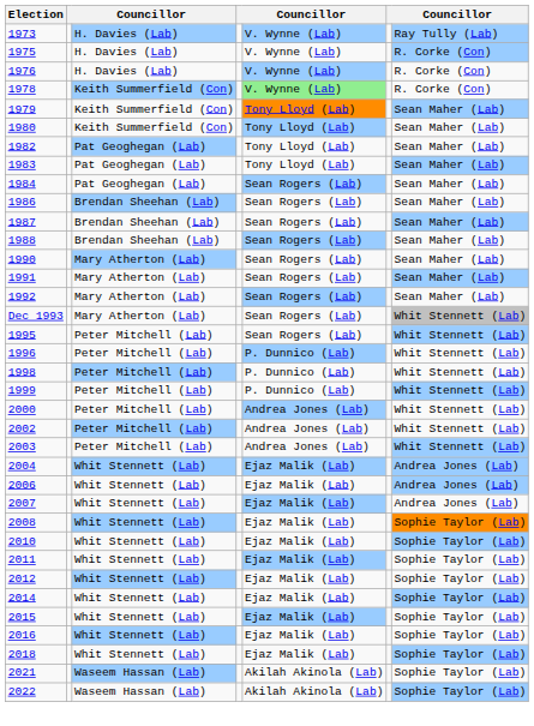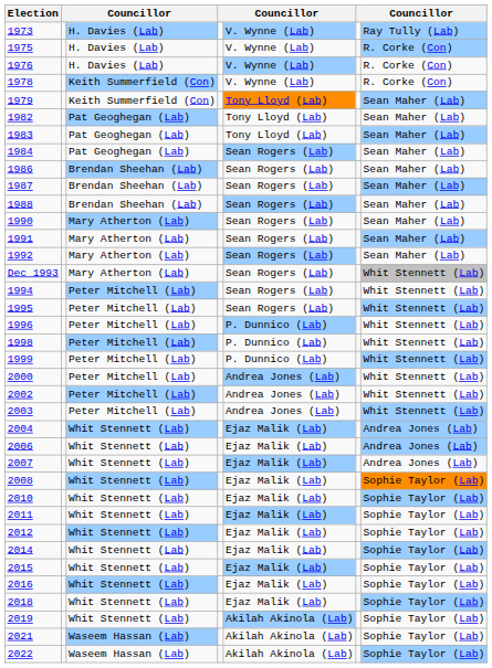 <table class="wikitable">
 <tr>
 <th>Election</th>
 <th colspan="2">Councillor</th>
 <th colspan="2">Councillor</th>
 <th colspan="2">Councillor</th>
 </tr>
 <tr>
 <td><a href='#'>1973</a></td>
 <td style="background-color: "></td>
 <td bgcolor="#99CCFF">H. Davies (<a href='#'>Lab</a>)</td>
 <td style="background-color: "></td>
 <td bgcolor="#99CCFF">V. Wynne (<a href='#'>Lab</a>)</td>
 <td style="background-color: "></td>
 <td bgcolor="#99CCFF">Ray Tully (<a href='#'>Lab</a>)</td>
 </tr>
 <tr>
 <td><a href='#'>1975</a></td>
 <td style="background-color: "></td>
 <td>H. Davies (<a href='#'>Lab</a>)</td>
 <td style="background-color: "></td>
 <td>V. Wynne (<a href='#'>Lab</a>)</td>
 <td style="background-color: "></td>
 <td bgcolor="#99CCFF">R. Corke (<a href='#'>Con</a>)</td>
 </tr>
 <tr>
 <td><a href='#'>1976</a></td>
 <td style="background-color: "></td>
 <td>H. Davies (<a href='#'>Lab</a>)</td>
 <td style="background-color: "></td>
 <td bgcolor="#99CCFF">V. Wynne (<a href='#'>Lab</a>)</td>
 <td style="background-color: "></td>
 <td>R. Corke (<a href='#'>Con</a>)</td>
 </tr>
 <tr>
 <td><a href='#'>1978</a></td>
 <td style="background-color: "></td>
 <td bgcolor="#99CCFF">Keith Summerfield (<a href='#'>Con</a>)</td>
 <td style="background-color: "></td>
-<td style="background: lightgreen;">V. Wynne (<a href='#'>Lab</a>)</td>
+<td>V. Wynne (<a href='#'>Lab</a>)</td>
 <td style="background-color: "></td>
 <td>R. Corke (<a href='#'>Con</a>)</td>
 </tr>
 <tr>
 <td><a href='#'>1979</a></td>
 <td style="background-color: "></td>
 <td>Keith Summerfield (<a href='#'>Con</a>)</td>
 <td style="background-color: "></td>
 <td bgcolor="#FF8C00"><a href='#'>Tony Lloyd</a> (<a href='#'>Lab</a>)</td>
 <td style="background-color: "></td>
 <td bgcolor="#99CCFF">Sean Maher (<a href='#'>Lab</a>)</td>
-</tr>
-<tr>
-<td><a href='#'>1980</a></td>
-<td style="background-color: "></td>
-<td>Keith Summerfield (<a href='#'>Con</a>)</td>
-<td style="background-color: "></td>
-<td bgcolor="#99CCFF">Tony Lloyd (<a href='#'>Lab</a>)</td>
-<td style="background-color: "></td>
-<td>Sean Maher (<a href='#'>Lab</a>)</td>
 </tr>
 <tr>
 <td><a href='#'>1982</a></td>
 <td style="background-color: "></td>
 <td bgcolor="#99CCFF">Pat Geoghegan (<a href='#'>Lab</a>)</td>
 <td style="background-color: "></td>
 <td>Tony Lloyd (<a href='#'>Lab</a>)</td>
 <td style="background-color: "></td>
 <td>Sean Maher (<a href='#'>Lab</a>)</td>
 </tr>
 <tr>
 <td><a href='#'>1983</a></td>
 <td style="background-color: "></td>
 <td>Pat Geoghegan (<a href='#'>Lab</a>)</td>
 <td style="background-color: "></td>
 <td>Tony Lloyd (<a href='#'>Lab</a>)</td>
 <td style="background-color: "></td>
 <td bgcolor="#99CCFF">Sean Maher (<a href='#'>Lab</a>)</td>
 </tr>
 <tr>
 <td><a href='#'>1984</a></td>
 <td style="background-color: "></td>
 <td>Pat Geoghegan (<a href='#'>Lab</a>)</td>
 <td style="background-color: "></td>
 <td bgcolor="#99CCFF">Sean Rogers (<a href='#'>Lab</a>)</td>
 <td style="background-color: "></td>
 <td>Sean Maher (<a href='#'>Lab</a>)</td>
 </tr>
 <tr>
 <td><a href='#'>1986</a></td>
 <td style="background-color: "></td>
 <td bgcolor="#99CCFF">Brendan Sheehan (<a href='#'>Lab</a>)</td>
 <td style="background-color: "></td>
 <td>Sean Rogers (<a href='#'>Lab</a>)</td>
 <td style="background-color: "></td>
 <td>Sean Maher (<a href='#'>Lab</a>)</td>
 </tr>
 <tr>
 <td><a href='#'>1987</a></td>
 <td style="background-color: "></td>
 <td>Brendan Sheehan (<a href='#'>Lab</a>)</td>
 <td style="background-color: "></td>
 <td>Sean Rogers (<a href='#'>Lab</a>)</td>
 <td style="background-color: "></td>
 <td bgcolor="#99CCFF">Sean Maher (<a href='#'>Lab</a>)</td>
 </tr>
 <tr>
 <td><a href='#'>1988</a></td>
 <td style="background-color: "></td>
 <td>Brendan Sheehan (<a href='#'>Lab</a>)</td>
 <td style="background-color: "></td>
 <td bgcolor="#99CCFF">Sean Rogers (<a href='#'>Lab</a>)</td>
 <td style="background-color: "></td>
 <td>Sean Maher (<a href='#'>Lab</a>)</td>
 </tr>
 <tr>
 <td><a href='#'>1990</a></td>
 <td style="background-color: "></td>
 <td bgcolor="#99CCFF">Mary Atherton (<a href='#'>Lab</a>)</td>
 <td style="background-color: "></td>
 <td>Sean Rogers (<a href='#'>Lab</a>)</td>
 <td style="background-color: "></td>
 <td>Sean Maher (<a href='#'>Lab</a>)</td>
 </tr>
 <tr>
 <td><a href='#'>1991</a></td>
 <td style="background-color: "></td>
 <td>Mary Atherton (<a href='#'>Lab</a>)</td>
 <td style="background-color: "></td>
 <td>Sean Rogers (<a href='#'>Lab</a>)</td>
 <td style="background-color: "></td>
 <td bgcolor="#99CCFF">Sean Maher (<a href='#'>Lab</a>)</td>
 </tr>
 <tr>
 <td><a href='#'>1992</a></td>
 <td style="background-color: "></td>
 <td>Mary Atherton (<a href='#'>Lab</a>)</td>
 <td style="background-color: "></td>
 <td bgcolor="#99CCFF">Sean Rogers (<a href='#'>Lab</a>)</td>
 <td style="background-color: "></td>
 <td>Sean Maher (<a href='#'>Lab</a>)</td>
 </tr>
 <tr>
 <td><a href='#'>Dec 1993</a></td>
 <td style="background-color: "></td>
 <td>Mary Atherton (<a href='#'>Lab</a>)</td>
 <td style="background-color: "></td>
 <td>Sean Rogers (<a href='#'>Lab</a>)</td>
 <td style="background-color: "></td>
 <td bgcolor="#C0C0C0">Whit Stennett (<a href='#'>Lab</a>)</td>
+</tr>
+<tr>
+<td><a href='#'>1994</a></td>
+<td style="background-color: "></td>
+<td bgcolor="#99CCFF">Peter Mitchell (<a href='#'>Lab</a>)</td>
+<td style="background-color: "></td>
+<td>Sean Rogers (<a href='#'>Lab</a>)</td>
+<td style="background-color: "></td>
+<td>Whit Stennett (<a href='#'>Lab</a>)</td>
 </tr>
 <tr>
 <td><a href='#'>1995</a></td>
 <td style="background-color: "></td>
 <td>Peter Mitchell (<a href='#'>Lab</a>)</td>
 <td style="background-color: "></td>
 <td>Sean Rogers (<a href='#'>Lab</a>)</td>
 <td style="background-color: "></td>
 <td bgcolor="#99CCFF">Whit Stennett (<a href='#'>Lab</a>)</td>
 </tr>
 <tr>
 <td><a href='#'>1996</a></td>
 <td style="background-color: "></td>
 <td>Peter Mitchell (<a href='#'>Lab</a>)</td>
 <td style="background-color: "></td>
 <td bgcolor="#99CCFF">P. Dunnico (<a href='#'>Lab</a>)</td>
 <td style="background-color: "></td>
 <td>Whit Stennett (<a href='#'>Lab</a>)</td>
 </tr>
 <tr>
 <td><a href='#'>1998</a></td>
 <td style="background-color: "></td>
 <td bgcolor="#99CCFF">Peter Mitchell (<a href='#'>Lab</a>)</td>
 <td style="background-color: "></td>
 <td>P. Dunnico (<a href='#'>Lab</a>)</td>
 <td style="background-color: "></td>
 <td>Whit Stennett (<a href='#'>Lab</a>)</td>
 </tr>
 <tr>
 <td><a href='#'>1999</a></td>
 <td style="background-color: "></td>
 <td>Peter Mitchell (<a href='#'>Lab</a>)</td>
 <td style="background-color: "></td>
 <td>P. Dunnico (<a href='#'>Lab</a>)</td>
 <td style="background-color: "></td>
 <td bgcolor="#99CCFF">Whit Stennett (<a href='#'>Lab</a>)</td>
 </tr>
 <tr>
 <td><a href='#'>2000</a></td>
 <td style="background-color: "></td>
 <td>Peter Mitchell (<a href='#'>Lab</a>)</td>
 <td style="background-color: "></td>
 <td bgcolor="#99CCFF">Andrea Jones (<a href='#'>Lab</a>)</td>
 <td style="background-color: "></td>
 <td>Whit Stennett (<a href='#'>Lab</a>)</td>
 </tr>
 <tr>
 <td><a href='#'>2002</a></td>
 <td style="background-color: "></td>
 <td bgcolor="#99CCFF">Peter Mitchell (<a href='#'>Lab</a>)</td>
 <td style="background-color: "></td>
 <td>Andrea Jones (<a href='#'>Lab</a>)</td>
 <td style="background-color: "></td>
 <td>Whit Stennett (<a href='#'>Lab</a>)</td>
 </tr>
 <tr>
 <td><a href='#'>2003</a></td>
 <td style="background-color: "></td>
 <td>Peter Mitchell (<a href='#'>Lab</a>)</td>
 <td style="background-color: "></td>
 <td>Andrea Jones (<a href='#'>Lab</a>)</td>
 <td style="background-color: "></td>
 <td bgcolor="#99CCFF">Whit Stennett (<a href='#'>Lab</a>)</td>
 </tr>
 <tr>
 <td><a href='#'>2004</a></td>
 <td style="background-color: "></td>
 <td bgcolor="#99CCFF">Whit Stennett (<a href='#'>Lab</a>)</td>
 <td style="background-color: "></td>
 <td bgcolor="#99CCFF">Ejaz Malik (<a href='#'>Lab</a>)</td>
 <td style="background-color: "></td>
 <td bgcolor="#99CCFF">Andrea Jones (<a href='#'>Lab</a>)</td>
 </tr>
 <tr>
 <td><a href='#'>2006</a></td>
 <td style="background-color: "></td>
 <td>Whit Stennett (<a href='#'>Lab</a>)</td>
 <td style="background-color: "></td>
 <td>Ejaz Malik (<a href='#'>Lab</a>)</td>
 <td style="background-color: "></td>
 <td bgcolor="#99CCFF">Andrea Jones (<a href='#'>Lab</a>)</td>
 </tr>
 <tr>
 <td><a href='#'>2007</a></td>
 <td style="background-color: "></td>
 <td>Whit Stennett (<a href='#'>Lab</a>)</td>
 <td style="background-color: "></td>
 <td bgcolor="#99CCFF">Ejaz Malik (<a href='#'>Lab</a>)</td>
 <td style="background-color: "></td>
 <td>Andrea Jones (<a href='#'>Lab</a>)</td>
 </tr>
 <tr>
 <td><a href='#'>2008</a></td>
 <td style="background-color: "></td>
 <td bgcolor="#99CCFF">Whit Stennett (<a href='#'>Lab</a>)</td>
 <td style="background-color: "></td>
 <td>Ejaz Malik (<a href='#'>Lab</a>)</td>
 <td style="background-color: "></td>
 <td bgcolor="#FF8C00">Sophie Taylor (<a href='#'>Lab</a>)</td>
 </tr>
 <tr>
 <td><a href='#'>2010</a></td>
 <td style="background-color: "></td>
 <td>Whit Stennett (<a href='#'>Lab</a>)</td>
 <td style="background-color: "></td>
 <td>Ejaz Malik (<a href='#'>Lab</a>)</td>
 <td style="background-color: "></td>
 <td bgcolor="#99CCFF">Sophie Taylor (<a href='#'>Lab</a>)</td>
 </tr>
 <tr>
 <td><a href='#'>2011</a></td>
 <td style="background-color: "></td>
 <td>Whit Stennett (<a href='#'>Lab</a>)</td>
 <td style="background-color: "></td>
 <td bgcolor="#99CCFF">Ejaz Malik (<a href='#'>Lab</a>)</td>
 <td style="background-color: "></td>
 <td>Sophie Taylor (<a href='#'>Lab</a>)</td>
 </tr>
 <tr>
 <td><a href='#'>2012</a></td>
 <td style="background-color: "></td>
 <td bgcolor="#99CCFF">Whit Stennett (<a href='#'>Lab</a>)</td>
 <td style="background-color: "></td>
 <td>Ejaz Malik (<a href='#'>Lab</a>)</td>
 <td style="background-color: "></td>
 <td>Sophie Taylor (<a href='#'>Lab</a>)</td>
 </tr>
 <tr>
 <td><a href='#'>2014</a></td>
 <td style="background-color: "></td>
 <td>Whit Stennett (<a href='#'>Lab</a>)</td>
 <td style="background-color: "></td>
 <td>Ejaz Malik (<a href='#'>Lab</a>)</td>
 <td style="background-color: "></td>
 <td bgcolor="#99CCFF">Sophie Taylor (<a href='#'>Lab</a>)</td>
 </tr>
 <tr>
 <td><a href='#'>2015</a></td>
 <td style="background-color: "></td>
 <td>Whit Stennett (<a href='#'>Lab</a>)</td>
 <td style="background-color: "></td>
 <td bgcolor="#99CCFF">Ejaz Malik (<a href='#'>Lab</a>)</td>
 <td style="background-color: "></td>
 <td>Sophie Taylor (<a href='#'>Lab</a>)</td>
 </tr>
 <tr>
 <td><a href='#'>2016</a></td>
 <td style="background-color: "></td>
 <td bgcolor="#99CCFF">Whit Stennett (<a href='#'>Lab</a>)</td>
 <td style="background-color: "></td>
 <td>Ejaz Malik (<a href='#'>Lab</a>)</td>
 <td style="background-color: "></td>
 <td>Sophie Taylor (<a href='#'>Lab</a>)</td>
 </tr>
 <tr>
 <td><a href='#'>2018</a></td>
 <td style="background-color: "></td>
 <td>Whit Stennett (<a href='#'>Lab</a>)</td>
 <td style="background-color: "></td>
 <td>Ejaz Malik (<a href='#'>Lab</a>)</td>
 <td style="background-color: "></td>
 <td bgcolor="#99CCFF">Sophie Taylor (<a href='#'>Lab</a>)</td>
 </tr>
 <tr>
+<td><a href='#'>2019</a></td>
+<td style="background-color: "></td>
+<td>Whit Stennett (<a href='#'>Lab</a>)</td>
+<td style="background-color: "></td>
+<td bgcolor="#99CCFF">Akilah Akinola (<a href='#'>Lab</a>)</td>
+<td style="background-color: "></td>
+<td>Sophie Taylor (<a href='#'>Lab</a>)</td>
+</tr>
+<tr>
 <td><a href='#'>2021</a></td>
 <td style="background-color: "></td>
 <td bgcolor="#99CCFF">Waseem Hassan (<a href='#'>Lab</a>)</td>
 <td style="background-color: "></td>
 <td>Akilah Akinola (<a href='#'>Lab</a>)</td>
 <td style="background-color: "></td>
 <td>Sophie Taylor (<a href='#'>Lab</a>)</td>
 </tr>
 <tr>
 <td><a href='#'>2022</a></td>
 <td style="background-color: "></td>
 <td>Waseem Hassan (<a href='#'>Lab</a>)</td>
 <td style="background-color: "></td>
 <td>Akilah Akinola (<a href='#'>Lab</a>)</td>
 <td style="background-color: "></td>
 <td bgcolor="#99CCFF">Sophie Taylor (<a href='#'>Lab</a>)</td>
 </tr>
 </table>
